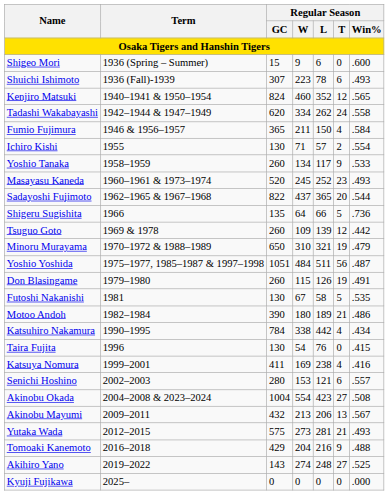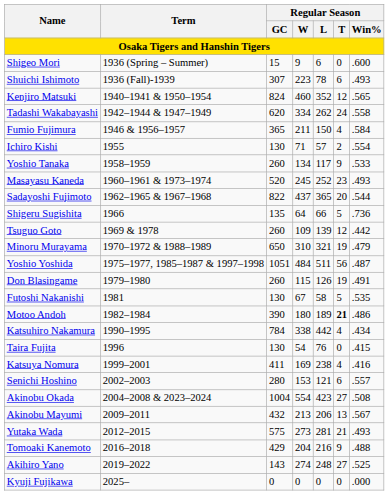 <table class="wikitable">
 <tr>
 <th rowspan="2">Name</th>
 <th rowspan="2">Term</th>
 <th colspan="5">Regular Season</th>
 </tr>
 <tr>
 <th>GC</th>
 <th>W</th>
 <th>L</th>
 <th>T</th>
 <th>Win%</th>
 </tr>
 <tr>
 <td align="center" Colspan="18" style="background: #ffe100"><strong>Osaka Tigers and Hanshin Tigers</strong></td>
 </tr>
 <tr>
 <td><a href='#'>Shigeo Mori</a></td>
 <td>1936 (Spring – Summer)</td>
 <td>15</td>
 <td>9</td>
 <td>6</td>
 <td>0</td>
 <td>.600</td>
 </tr>
 <tr>
 <td><a href='#'>Shuichi Ishimoto</a></td>
 <td>1936 (Fall)-1939</td>
 <td>307</td>
 <td>223</td>
 <td>78</td>
 <td>6</td>
 <td>.493</td>
 </tr>
 <tr>
 <td><a href='#'>Kenjiro Matsuki</a></td>
 <td>1940–1941 & 1950–1954</td>
 <td>824</td>
 <td>460</td>
 <td>352</td>
 <td>12</td>
 <td>.565</td>
 </tr>
 <tr>
 <td><a href='#'>Tadashi Wakabayashi</a></td>
 <td>1942–1944 & 1947–1949</td>
 <td>620</td>
 <td>334</td>
 <td>262</td>
 <td>24</td>
 <td>.558</td>
 </tr>
 <tr>
 <td><a href='#'>Fumio Fujimura</a></td>
 <td>1946 & 1956–1957</td>
 <td>365</td>
 <td>211</td>
 <td>150</td>
 <td>4</td>
 <td>.584</td>
 </tr>
 <tr>
 <td><a href='#'>Ichiro Kishi</a></td>
 <td>1955</td>
 <td>130</td>
 <td>71</td>
 <td>57</td>
 <td>2</td>
 <td>.554</td>
 </tr>
 <tr>
 <td><a href='#'>Yoshio Tanaka</a></td>
 <td>1958–1959</td>
 <td>260</td>
 <td>134</td>
 <td>117</td>
 <td>9</td>
 <td>.533</td>
 </tr>
 <tr>
 <td><a href='#'>Masayasu Kaneda</a></td>
 <td>1960–1961 & 1973–1974</td>
 <td>520</td>
 <td>245</td>
 <td>252</td>
 <td>23</td>
 <td>.493</td>
 </tr>
 <tr>
 <td><a href='#'>Sadayoshi Fujimoto</a></td>
 <td>1962–1965 & 1967–1968</td>
 <td>822</td>
 <td>437</td>
 <td>365</td>
 <td>20</td>
 <td>.544</td>
 </tr>
 <tr>
 <td><a href='#'>Shigeru Sugishita</a></td>
 <td>1966</td>
 <td>135</td>
 <td>64</td>
 <td>66</td>
 <td>5</td>
 <td>.736</td>
 </tr>
 <tr>
 <td><a href='#'>Tsuguo Goto</a></td>
 <td>1969 & 1978</td>
 <td>260</td>
 <td>109</td>
 <td>139</td>
 <td>12</td>
 <td>.442</td>
 </tr>
 <tr>
 <td><a href='#'>Minoru Murayama</a></td>
 <td>1970–1972 & 1988–1989</td>
 <td>650</td>
 <td>310</td>
 <td>321</td>
 <td>19</td>
 <td>.479</td>
 </tr>
 <tr>
 <td><a href='#'>Yoshio Yoshida</a></td>
 <td>1975–1977, 1985–1987 & 1997–1998</td>
 <td>1051</td>
 <td>484</td>
 <td>511</td>
 <td>56</td>
 <td>.487</td>
 </tr>
 <tr>
 <td><a href='#'>Don Blasingame</a></td>
 <td>1979–1980</td>
 <td>260</td>
 <td>115</td>
 <td>126</td>
 <td>19</td>
 <td>.491</td>
 </tr>
 <tr>
 <td><a href='#'>Futoshi Nakanishi</a></td>
 <td>1981</td>
 <td>130</td>
 <td>67</td>
 <td>58</td>
 <td>5</td>
 <td>.535</td>
 </tr>
 <tr>
 <td><a href='#'>Motoo Andoh</a></td>
 <td>1982–1984</td>
 <td>390</td>
 <td>180</td>
 <td>189</td>
-<td>21</td>
+<td><strong>21</strong></td>
 <td>.486</td>
 </tr>
 <tr>
 <td><a href='#'>Katsuhiro Nakamura</a></td>
 <td>1990–1995</td>
 <td>784</td>
 <td>338</td>
 <td>442</td>
 <td>4</td>
 <td>.434</td>
 </tr>
 <tr>
 <td><a href='#'>Taira Fujita</a></td>
 <td>1996</td>
 <td>130</td>
 <td>54</td>
 <td>76</td>
 <td>0</td>
 <td>.415</td>
 </tr>
 <tr>
 <td><a href='#'>Katsuya Nomura</a></td>
 <td>1999–2001</td>
 <td>411</td>
 <td>169</td>
 <td>238</td>
 <td>4</td>
 <td>.416</td>
 </tr>
 <tr>
 <td><a href='#'>Senichi Hoshino</a></td>
 <td>2002–2003</td>
 <td>280</td>
 <td>153</td>
 <td>121</td>
 <td>6</td>
 <td>.557</td>
 </tr>
 <tr>
 <td><a href='#'>Akinobu Okada</a></td>
 <td>2004–2008 & 2023–2024</td>
 <td>1004</td>
 <td>554</td>
 <td>423</td>
 <td>27</td>
 <td>.508</td>
 </tr>
 <tr>
 <td><a href='#'>Akinobu Mayumi</a></td>
 <td>2009–2011</td>
 <td>432</td>
 <td>213</td>
 <td>206</td>
 <td>13</td>
 <td>.567</td>
 </tr>
 <tr>
 <td><a href='#'>Yutaka Wada</a></td>
 <td>2012–2015</td>
 <td>575</td>
 <td>273</td>
 <td>281</td>
 <td>21</td>
 <td>.493</td>
 </tr>
 <tr>
 <td><a href='#'>Tomoaki Kanemoto</a></td>
 <td>2016–2018</td>
 <td>429</td>
 <td>204</td>
 <td>216</td>
 <td>9</td>
 <td>.488</td>
 </tr>
 <tr>
 <td><a href='#'>Akihiro Yano</a></td>
 <td>2019–2022</td>
 <td>143</td>
 <td>274</td>
 <td>248</td>
 <td>27</td>
 <td>.525</td>
 </tr>
 <tr>
 <td><a href='#'>Kyuji Fujikawa</a></td>
 <td>2025–</td>
 <td>0</td>
 <td>0</td>
 <td>0</td>
 <td>0</td>
 <td>.000</td>
 </tr>
 </table>
